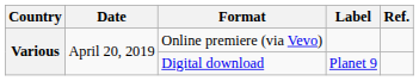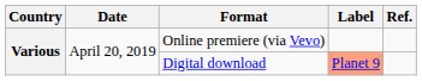 <table class="wikitable plainrowheaders">
 <tr>
 <th scope="col">Country</th>
 <th scope="col">Date</th>
 <th scope="col">Format</th>
 <th scope="col">Label</th>
 <th scope="col">Ref.</th>
 </tr>
 <tr>
 <th scope="row" rowspan="2">Various</th>
 <td rowspan="2">April 20, 2019</td>
 <td>Online premiere (via <a href='#'>Vevo</a>)</td>
 <td></td>
 <td></td>
 </tr>
 <tr>
 <td><a href='#'>Digital download</a></td>
-<td><a href='#'>Planet 9</a></td>
+<td style="background: lightsalmon;"><a href='#'>Planet 9</a></td>
 <td></td>
 </tr>
 </table>
